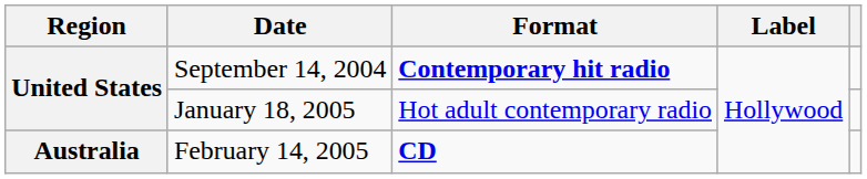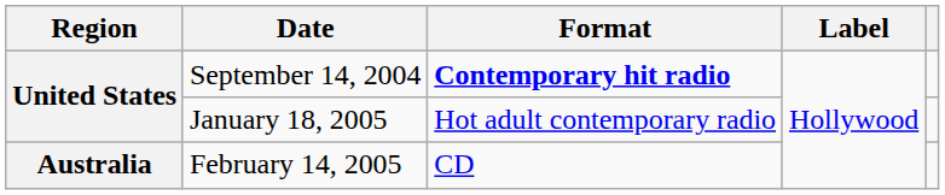 <table class="wikitable plainrowheaders">
 <tr>
 <th scope="col">Region</th>
 <th scope="col">Date</th>
 <th scope="col">Format</th>
 <th scope="col">Label</th>
 <th scope="col"></th>
 </tr>
 <tr>
 <th scope="row" rowspan="2">United States</th>
 <td>September 14, 2004</td>
 <td><strong><a href='#'>Contemporary hit radio</a></strong></td>
 <td rowspan="3"><a href='#'>Hollywood</a></td>
 <td></td>
 </tr>
 <tr>
 <td>January 18, 2005</td>
 <td><a href='#'>Hot adult contemporary radio</a></td>
 <td></td>
 </tr>
 <tr>
 <th scope="row">Australia</th>
 <td>February 14, 2005</td>
-<td><strong><a href='#'>CD</a></strong></td>
+<td><a href='#'>CD</a></td>
 <td></td>
 </tr>
 </table>
